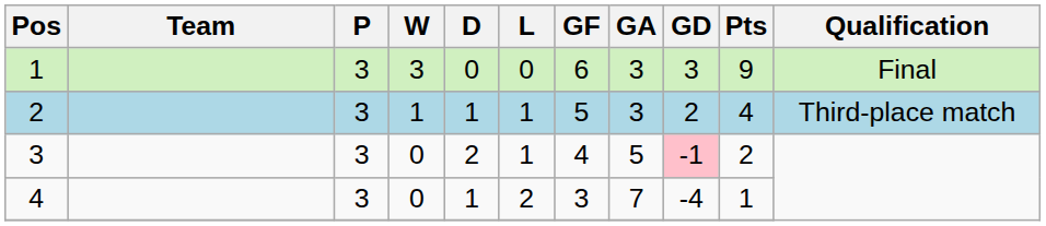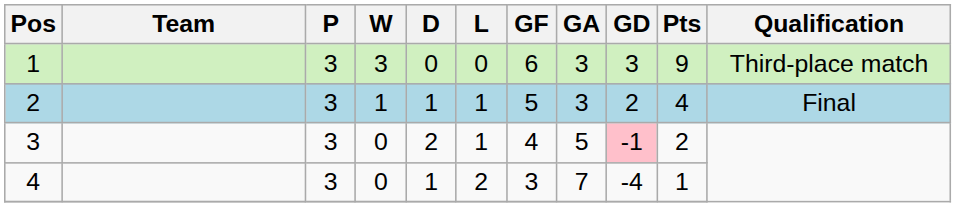 <table class="wikitable" border="1">
 <tr>
 <th width="25"><abbr>Pos</abbr></th>
 <th width="150">Team</th>
 <th width="25">P</th>
 <th width="25">W</th>
 <th width="25">D</th>
 <th width="25">L</th>
 <th width="25"><abbr>GF</abbr></th>
 <th width="25"><abbr>GA</abbr></th>
 <th width="25"><abbr>GD</abbr></th>
 <th width="25"><abbr>Pts</abbr></th>
 <th width="150">Qualification</th>
 </tr>
 <tr bgcolor= #D0F0C0>
 <td align="center">1</td>
 <td></td>
 <td align="center">3</td>
 <td align="center">3</td>
 <td align="center">0</td>
 <td align="center">0</td>
 <td align="center">6</td>
 <td align="center">3</td>
 <td align="center">3</td>
 <td align="center">9</td>
-<td align="center">Final</td>
+<td align="center">Third-place match</td>
 </tr>
 <tr bgcolor= lightblue>
 <td align="center">2</td>
 <td></td>
 <td align="center">3</td>
 <td align="center">1</td>
 <td align="center">1</td>
 <td align="center">1</td>
 <td align="center">5</td>
 <td align="center">3</td>
 <td align="center">2</td>
 <td align="center">4</td>
-<td align="center">Third-place match</td>
+<td align="center">Final</td>
 </tr>
 <tr>
 <td align="center">3</td>
 <td></td>
 <td align="center">3</td>
 <td align="center">0</td>
 <td align="center">2</td>
 <td align="center">1</td>
 <td align="center">4</td>
 <td align="center">5</td>
 <td align="center" style="background: pink;">-1</td>
 <td align="center">2</td>
 </tr>
 <tr>
 <td align="center">4</td>
 <td></td>
 <td align="center">3</td>
 <td align="center">0</td>
 <td align="center">1</td>
 <td align="center">2</td>
 <td align="center">3</td>
 <td align="center">7</td>
 <td align="center">-4</td>
 <td align="center">1</td>
 </tr>
 <tr>
 </tr>
 </table>
